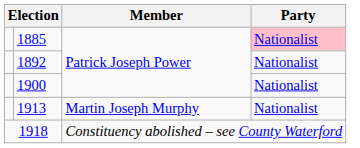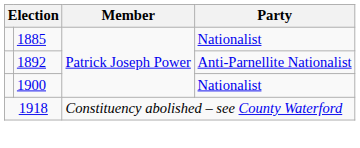 <table class="wikitable">
 <tr>
 <th colspan="2">Election</th>
 <th>Member</th>
 <th>Party</th>
 </tr>
 <tr>
 <td style="color:inherit;background-color: "></td>
 <td><a href='#'>1885</a></td>
 <td rowspan="3"><a href='#'>Patrick Joseph Power</a></td>
-<td style="background: pink;"><a href='#'>Nationalist</a></td>
+<td><a href='#'>Nationalist</a></td>
 </tr>
 <tr>
 <td style="color:inherit;background-color: "></td>
 <td><a href='#'>1892</a></td>
-<td><a href='#'>Nationalist</a></td>
+<td><a href='#'>Anti-Parnellite Nationalist</a></td>
 </tr>
 <tr>
 <td style="color:inherit;background-color: "></td>
 <td><a href='#'>1900</a></td>
 <td><a href='#'>Nationalist</a></td>
 </tr>
 <tr>
-<td style="color:inherit;background-color: "></td>
-<td><a href='#'>1913</a></td>
-<td><a href='#'>Martin Joseph Murphy</a></td>
-<td><a href='#'>Nationalist</a></td>
-</tr>
-<tr>
 <td colspan="2" align="center"><a href='#'>1918</a></td>
 <td colspan="2"><em>Constituency abolished – see <a href='#'>County Waterford</a></em></td>
 </tr>
 </table>
